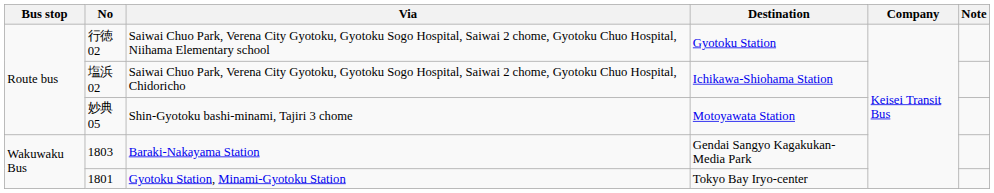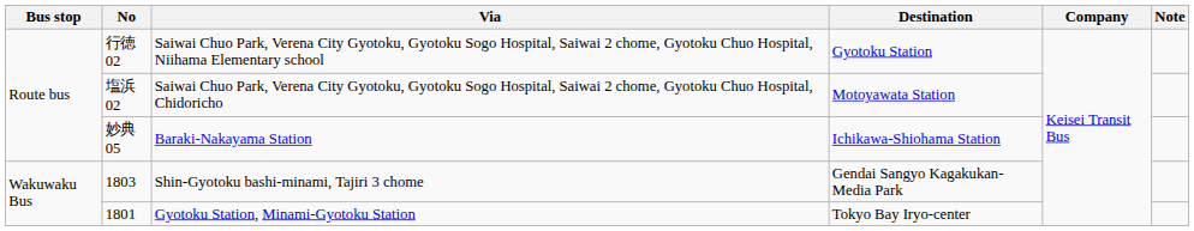 <table class="wikitable">
 <tr>
 <th>Bus stop</th>
 <th>No</th>
 <th>Via</th>
 <th>Destination</th>
 <th>Company</th>
 <th>Note</th>
 </tr>
 <tr>
 <td rowspan="3">Route bus</td>
 <td>行徳02</td>
 <td>Saiwai Chuo Park, Verena City Gyotoku, Gyotoku Sogo Hospital, Saiwai 2 chome, Gyotoku Chuo Hospital, Niihama Elementary school</td>
 <td><a href='#'>Gyotoku Station</a></td>
 <td rowspan="7"><a href='#'>Keisei Transit Bus</a></td>
 <td></td>
 </tr>
 <tr>
 <td>塩浜02</td>
 <td>Saiwai Chuo Park, Verena City Gyotoku, Gyotoku Sogo Hospital, Saiwai 2 chome, Gyotoku Chuo Hospital, Chidoricho</td>
-<td><a href='#'>Ichikawa-Shiohama Station</a></td>
+<td><a href='#'>Motoyawata Station</a></td>
 <td></td>
 </tr>
 <tr>
 <td>妙典05</td>
-<td>Shin-Gyotoku bashi-minami, Tajiri 3 chome</td>
-<td><a href='#'>Motoyawata Station</a></td>
+<td><a href='#'>Baraki-Nakayama Station</a></td>
+<td><a href='#'>Ichikawa-Shiohama Station</a></td>
 <td></td>
 </tr>
 <tr>
 <td rowspan="2">Wakuwaku Bus</td>
 <td>1803</td>
-<td><a href='#'>Baraki-Nakayama Station</a></td>
+<td>Shin-Gyotoku bashi-minami, Tajiri 3 chome</td>
 <td>Gendai Sangyo Kagakukan-Media Park</td>
 <td></td>
 </tr>
 <tr>
 <td>1801</td>
 <td><a href='#'>Gyotoku Station</a>, <a href='#'>Minami-Gyotoku Station</a></td>
 <td>Tokyo Bay Iryo-center</td>
 <td></td>
 </tr>
 </table>
